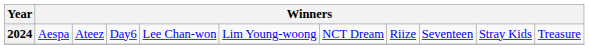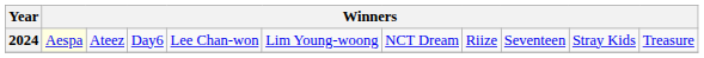 <table class="wikitable plainrowheaders" style="text-align: center">
 <tr>
 <th scope="col">Year</th>
 <th scope="col" colspan="10">Winners</th>
 </tr>
 <tr>
 <th scope="row">2024</th>
-<td><a href='#'>Aespa</a></td>
+<td style="background: lightyellow;"><a href='#'>Aespa</a></td>
 <td><a href='#'>Ateez</a></td>
 <td><a href='#'>Day6</a></td>
 <td><a href='#'>Lee Chan-won</a></td>
 <td><a href='#'>Lim Young-woong</a></td>
 <td><a href='#'>NCT Dream</a></td>
 <td><a href='#'>Riize</a></td>
 <td><a href='#'>Seventeen</a></td>
 <td><a href='#'>Stray Kids</a></td>
 <td><a href='#'>Treasure</a></td>
 </tr>
 <tr>
 </tr>
 </table>
